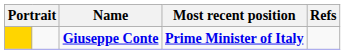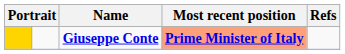 <table class="wikitable" style="text-align:center; border:1px #AAAAFF solid">
 <tr>
 <th colspan=2>Portrait</th>
 <th>Name</th>
 <th>Most recent position</th>
 <th>Refs</th>
 </tr>
 <tr>
 <td style="color:inherit;background:#FFD500;"></td>
 <td></td>
 <td><strong><a href='#'>Giuseppe Conte</a></strong><br></td>
-<td><strong><a href='#'>Prime Minister of Italy</a></strong><br></td>
+<td style="background: lightsalmon;"><strong><a href='#'>Prime Minister of Italy</a></strong><br></td>
 <td></td>
 </tr>
 <tr>
 </tr>
 </table>
